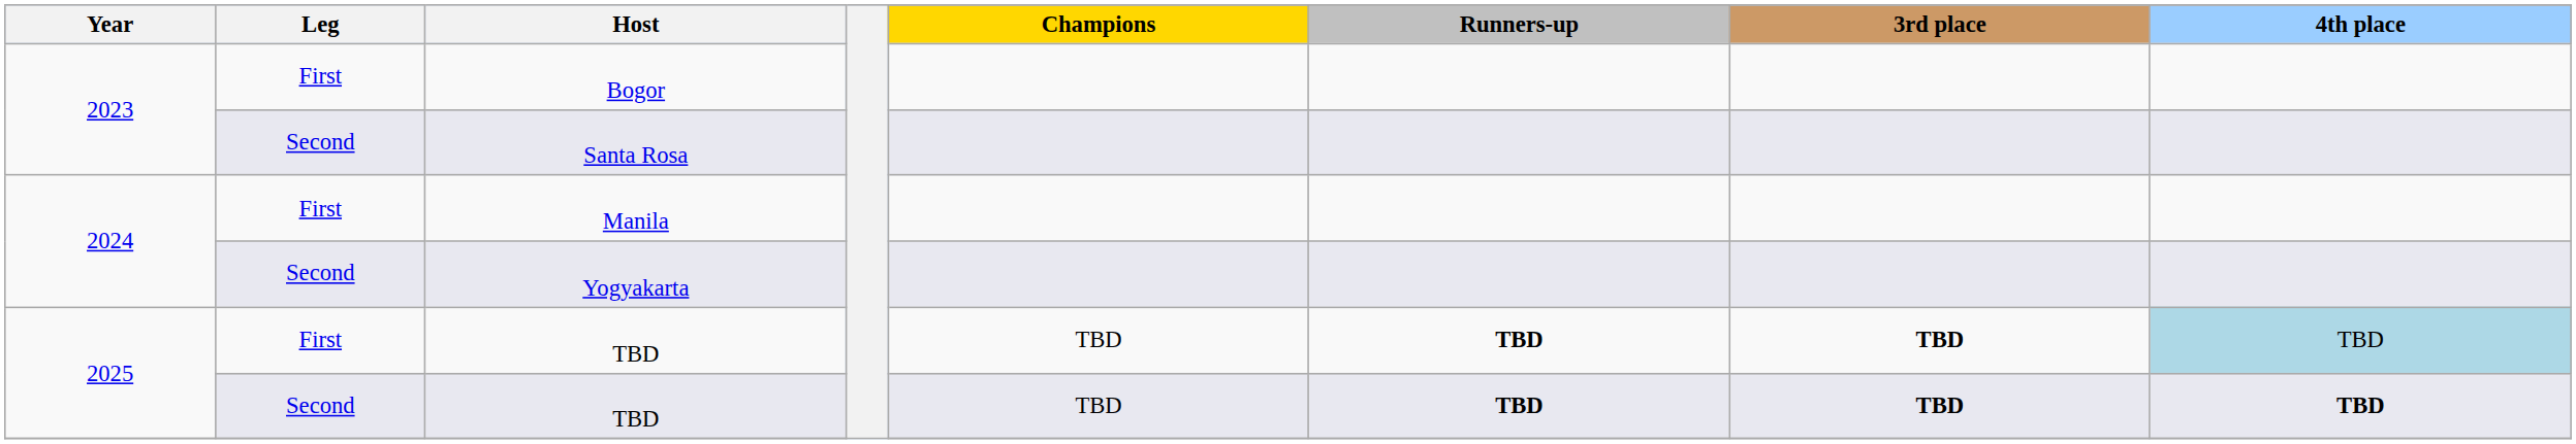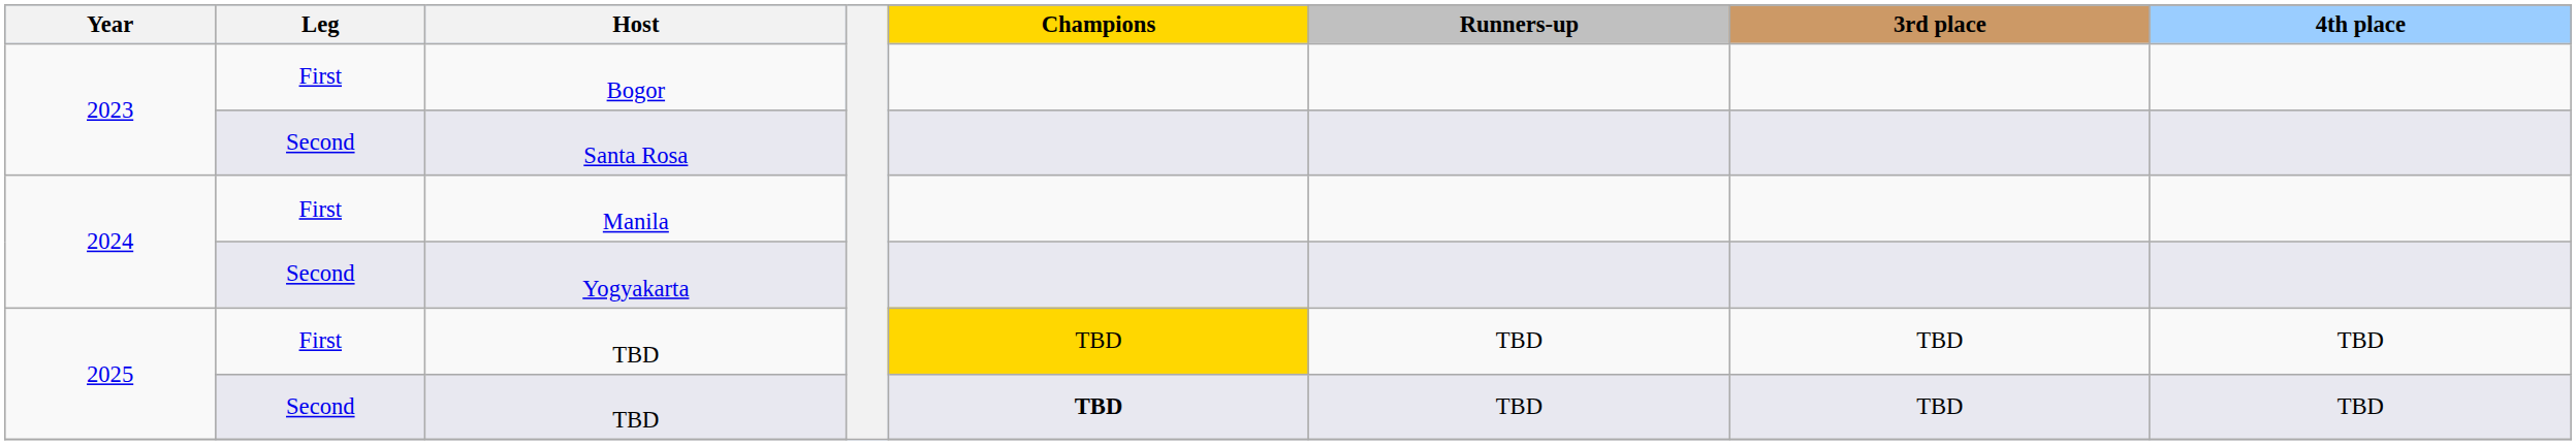 <table class="wikitable" style="font-size:90%; width: 100%; text-align: center;">
 <tr bgcolor=#c1d8ff>
 <th rowspan=2 width=5%>Year</th>
 <th rowspan=2 width=5%>Leg</th>
 <th rowspan=2 width=10%>Host</th>
 <th width=1% rowspan=10 bgcolor=#ffffff></th>
 </tr>
 <tr>
 <th style="width:10%; background:gold">Champions</th>
 <th style="width:10%; background:silver">Runners-up</th>
 <th style="width:10%; background:#CC9966">3rd place</th>
 <th style="width:10%; background:#9ACDFF">4th place</th>
 </tr>
 <tr>
 <td rowspan=2><a href='#'>2023</a></td>
 <td><a href='#'>First</a></td>
 <td><br><a href='#'>Bogor</a></td>
 <td><strong></strong></td>
 <td></td>
 <td></td>
 <td></td>
 </tr>
 <tr bgcolor=#e8e8f0>
 <td><a href='#'>Second</a></td>
 <td><br><a href='#'>Santa Rosa</a></td>
 <td><strong></strong></td>
 <td></td>
 <td></td>
 <td></td>
 </tr>
 <tr>
 <td rowspan=2><a href='#'>2024</a></td>
 <td><a href='#'>First</a></td>
 <td><br><a href='#'>Manila</a></td>
 <td><strong></strong></td>
 <td></td>
 <td></td>
 <td></td>
 </tr>
 <tr bgcolor=#e8e8f0>
 <td><a href='#'>Second</a></td>
 <td><br><a href='#'>Yogyakarta</a></td>
 <td><strong></strong></td>
 <td></td>
 <td></td>
 <td></td>
 </tr>
 <tr>
 <td rowspan=2><a href='#'>2025</a></td>
 <td><a href='#'>First</a></td>
 <td><br>TBD</td>
+<td style="background: gold;">TBD</td>
 <td>TBD</td>
-<td><strong>TBD</strong></td>
-<td><strong>TBD</strong></td>
-<td style="background: lightblue;">TBD</td>
+<td>TBD</td>
+<td>TBD</td>
 </tr>
 <tr bgcolor=#e8e8f0>
 <td><a href='#'>Second</a></td>
 <td><br>TBD</td>
+<td><strong>TBD</strong></td>
 <td>TBD</td>
-<td><strong>TBD</strong></td>
-<td><strong>TBD</strong></td>
-<td><strong>TBD</strong></td>
+<td>TBD</td>
+<td>TBD</td>
 </tr>
 <tr>
 </tr>
 </table>
